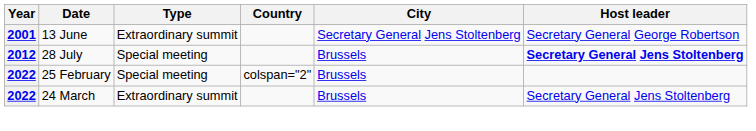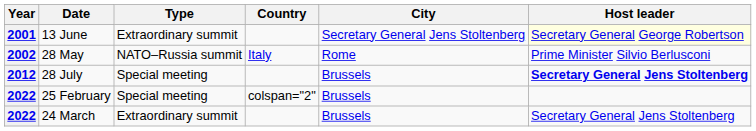 <table class="wikitable sortable">
 <tr>
 <th>Year</th>
 <th>Date</th>
 <th>Type</th>
 <th>Country</th>
 <th>City</th>
 <th>Host leader</th>
 </tr>
 <tr>
 <th><a href='#'>2001</a></th>
 <td>13 June</td>
 <td>Extraordinary summit</td>
 <td></td>
 <td><a href='#'>Secretary General</a> <a href='#'>Jens Stoltenberg</a></td>
-<td><a href='#'>Secretary General</a> <a href='#'>George Robertson</a></td>
+<td style="background: lightyellow;"><a href='#'>Secretary General</a> <a href='#'>George Robertson</a></td>
+</tr>
+<tr>
+<th><a href='#'>2002</a></th>
+<td>28 May</td>
+<td>NATO–Russia summit</td>
+<td> <a href='#'>Italy</a></td>
+<td><a href='#'>Rome</a></td>
+<td><a href='#'>Prime Minister</a> <a href='#'>Silvio Berlusconi</a></td>
 </tr>
 <tr>
 <th><a href='#'>2012</a></th>
 <td>28 July</td>
 <td>Special meeting</td>
 <td></td>
 <td><a href='#'>Brussels</a></td>
 <td><strong><a href='#'>Secretary General</a> <a href='#'>Jens Stoltenberg</a></strong></td>
 </tr>
 <tr>
 <th><a href='#'>2022</a></th>
 <td>25 February</td>
 <td>Special meeting</td>
 <td>colspan="2" </td>
 <td><a href='#'>Brussels</a></td>
 </tr>
 <tr>
 <th><a href='#'>2022</a></th>
 <td>24 March</td>
 <td>Extraordinary summit</td>
 <td></td>
 <td><a href='#'>Brussels</a></td>
 <td><a href='#'>Secretary General</a> <a href='#'>Jens Stoltenberg</a></td>
 </tr>
 </table>
